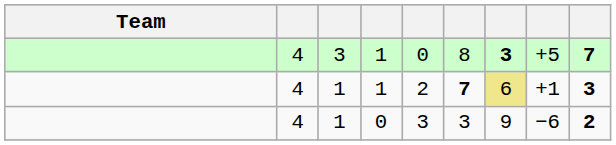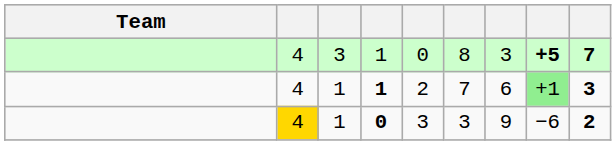 <table class=wikitable style="text-align:center">
 <tr>
 <th width=165>Team</th>
 <th width=20></th>
 <th width=20></th>
 <th width=20></th>
 <th width=20></th>
 <th width=20></th>
 <th width=20></th>
 <th width=20></th>
 <th width=20></th>
 </tr>
 <tr align=center bgcolor=ccffcc>
 <td align=left></td>
 <td>4</td>
 <td>3</td>
 <td>1</td>
 <td>0</td>
 <td>8</td>
-<td><strong>3</strong></td>
-<td>+5</td>
+<td>3</td>
+<td><strong>+5</strong></td>
 <td><strong>7</strong></td>
 </tr>
 <tr align=center>
 <td align=left></td>
 <td>4</td>
 <td>1</td>
-<td>1</td>
+<td><strong>1</strong></td>
 <td>2</td>
-<td><strong>7</strong></td>
-<td style="background: khaki;">6</td>
-<td>+1</td>
+<td>7</td>
+<td>6</td>
+<td style="background: lightgreen;">+1</td>
 <td><strong>3</strong></td>
 </tr>
 <tr align=center>
 <td align=left></td>
-<td>4</td>
+<td style="background: gold;">4</td>
 <td>1</td>
-<td>0</td>
+<td><strong>0</strong></td>
 <td>3</td>
 <td>3</td>
 <td>9</td>
 <td>−6</td>
 <td><strong>2</strong></td>
 </tr>
 </table>
